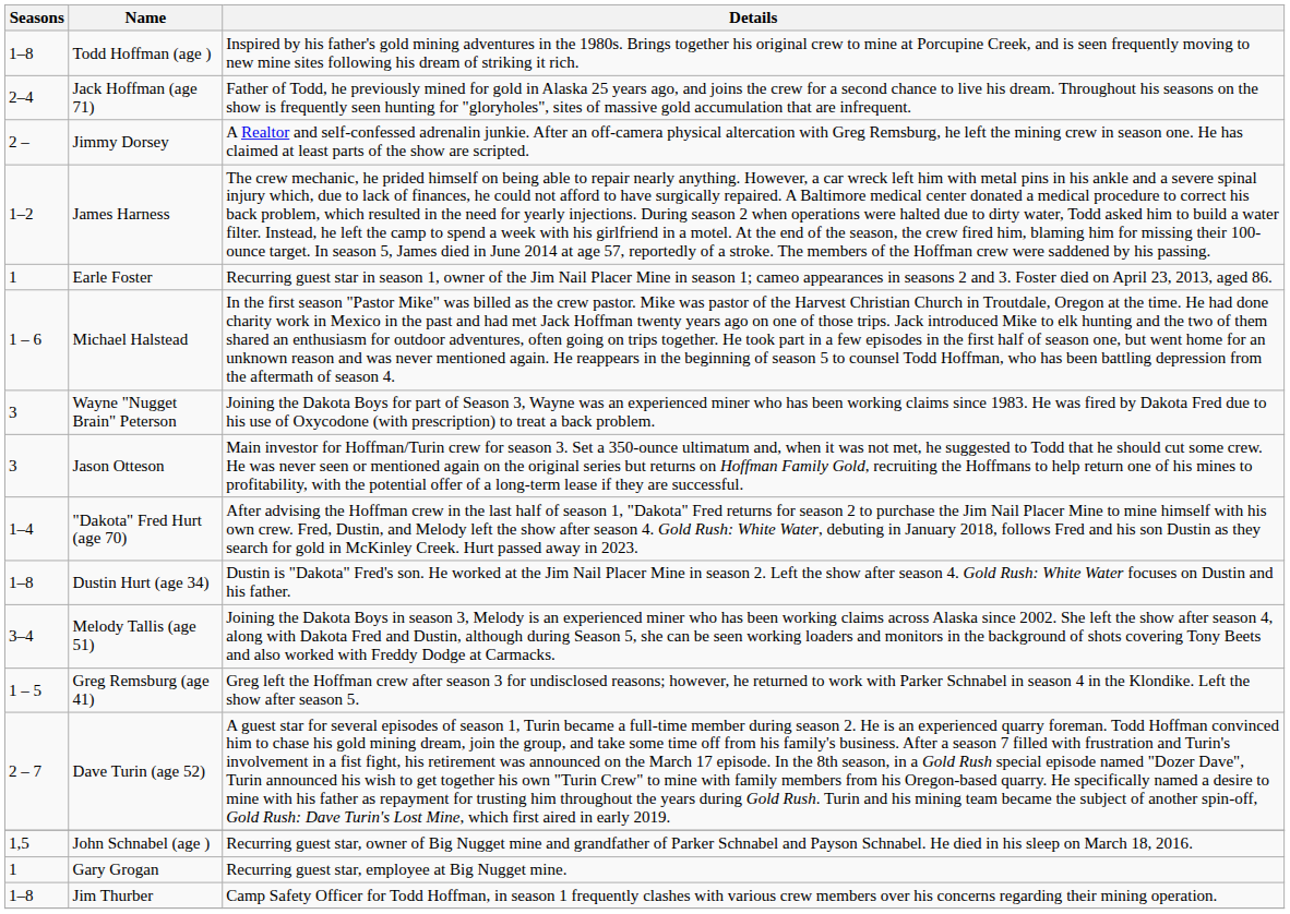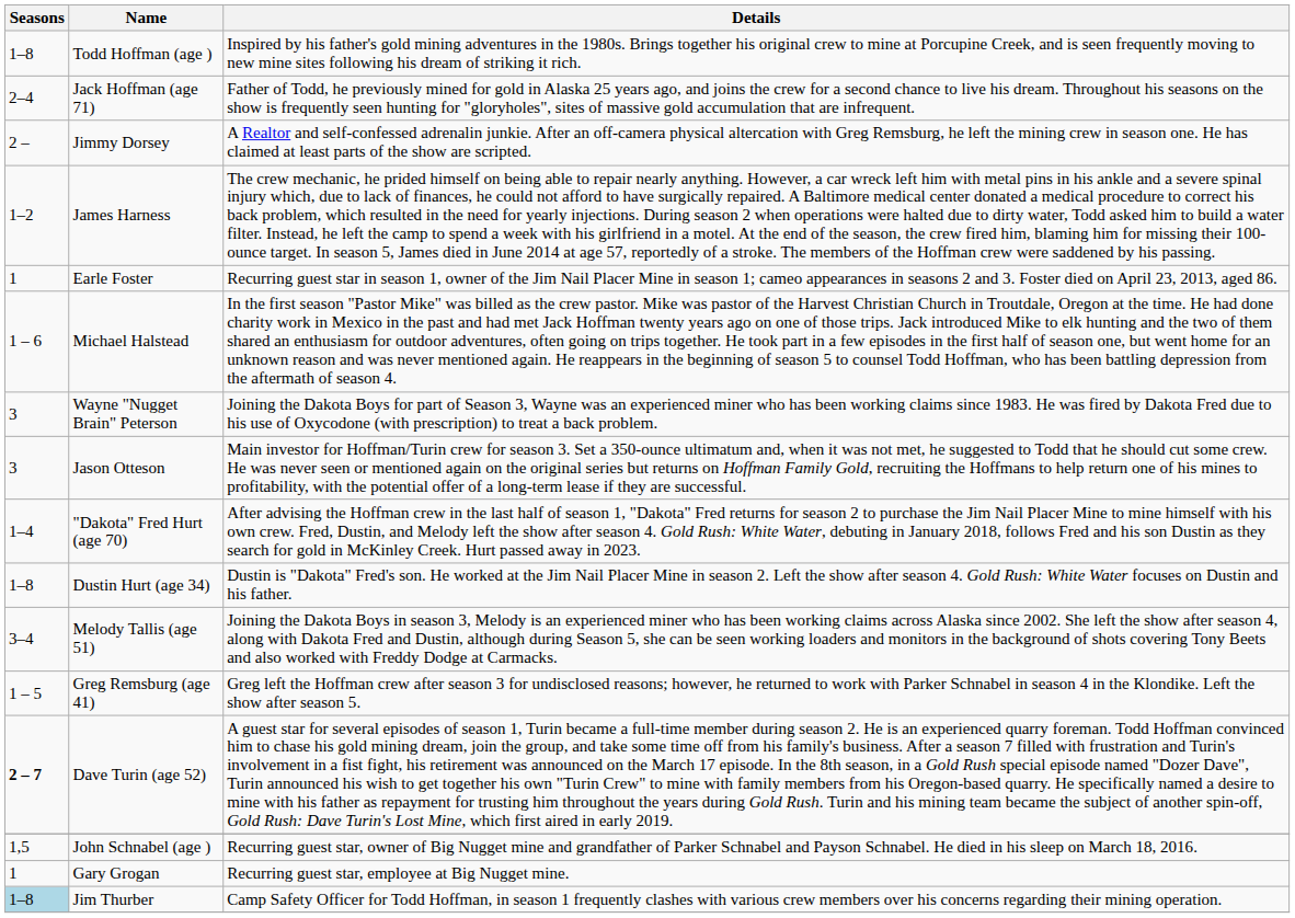 <table class="wikitable sortable">
 <tr>
 <th style="width:5%;">Seasons</th>
 <th style="width:12%;">Name</th>
 <th colspan="11" style="width:83%;">Details</th>
 </tr>
 <tr>
 <td>1–8</td>
 <td>Todd Hoffman (age )</td>
 <td>Inspired by his father's gold mining adventures in the 1980s. Brings together his original crew to mine at Porcupine Creek, and is seen frequently moving to new mine sites following his dream of striking it rich.</td>
 </tr>
 <tr>
 <td>2–4</td>
 <td>Jack Hoffman (age 71)</td>
 <td>Father of Todd, he previously mined for gold in Alaska 25 years ago, and joins the crew for a second chance to live his dream. Throughout his seasons on the show is frequently seen hunting for "gloryholes", sites of massive gold accumulation that are infrequent.</td>
 </tr>
 <tr>
 <td>2 –</td>
 <td>Jimmy Dorsey</td>
 <td>A <a href='#'>Realtor</a> and self-confessed adrenalin junkie. After an off-camera physical altercation with Greg Remsburg, he left the mining crew in season one. He has claimed at least parts of the show are scripted.</td>
 </tr>
 <tr>
 <td>1–2</td>
 <td>James Harness</td>
 <td>The crew mechanic, he prided himself on being able to repair nearly anything.  However, a car wreck left him with metal pins in his ankle and a severe spinal injury which, due to lack of finances, he could not afford to have surgically repaired. A Baltimore medical center donated a medical procedure to correct his back problem, which resulted in the need for yearly injections. During season 2 when operations were halted due to dirty water, Todd asked him to build a water filter. Instead, he left the camp to spend a week with his girlfriend in a motel. At the end of the season, the crew fired him, blaming him for missing their 100-ounce target. In season 5, James died in June 2014 at age 57, reportedly of a stroke. The members of the Hoffman crew were saddened by his passing.</td>
 </tr>
 <tr>
 <td>1</td>
 <td>Earle Foster</td>
 <td>Recurring guest star in season 1, owner of the Jim Nail Placer Mine in season 1; cameo appearances in seasons 2 and 3. Foster died on April 23, 2013, aged 86.</td>
 </tr>
 <tr>
 <td>1 – 6</td>
 <td>Michael Halstead</td>
 <td>In the first season "Pastor Mike" was billed as the crew pastor. Mike was pastor of the Harvest Christian Church in Troutdale, Oregon at the time. He had done charity work in Mexico in the past and had met Jack Hoffman twenty years ago on one of those trips. Jack introduced Mike to elk hunting and the two of them shared an enthusiasm for outdoor adventures, often going on trips together. He took part in a few episodes in the first half of season one, but went home for an unknown reason and was never mentioned again. He reappears in the beginning of season 5 to counsel Todd Hoffman, who has been battling depression from the aftermath of season 4.</td>
 </tr>
 <tr>
 <td>3</td>
 <td>Wayne "Nugget Brain" Peterson</td>
 <td>Joining the Dakota Boys for part of Season 3, Wayne was an experienced miner who has been working claims since 1983. He was fired by Dakota Fred due to his use of Oxycodone (with prescription) to treat a back problem.</td>
 </tr>
 <tr>
 <td>3</td>
 <td>Jason Otteson</td>
 <td>Main investor for Hoffman/Turin crew for season 3. Set a 350-ounce ultimatum and, when it was not met, he suggested to Todd that he should cut some crew. He was never seen or mentioned again on the original series but returns on <em>Hoffman Family Gold</em>, recruiting the Hoffmans to help return one of his mines to profitability, with the potential offer of a long-term lease if they are successful.</td>
 </tr>
 <tr>
 <td>1–4</td>
 <td>"Dakota" Fred Hurt (age 70)</td>
 <td>After advising the Hoffman crew in the last half of season 1, "Dakota" Fred returns for season 2 to purchase the Jim Nail Placer Mine to mine himself with his own crew. Fred, Dustin, and Melody left the show after season 4. <em>Gold Rush: White Water</em>, debuting in January 2018, follows Fred and his son Dustin as they search for gold in McKinley Creek. Hurt passed away in 2023.</td>
 </tr>
 <tr>
 <td>1–8</td>
 <td>Dustin Hurt (age 34)</td>
 <td>Dustin is "Dakota" Fred's son. He worked at the Jim Nail Placer Mine in season 2. Left the show after season 4. <em>Gold Rush: White Water</em> focuses on Dustin and his father.</td>
 </tr>
 <tr>
 <td>3–4</td>
 <td>Melody Tallis (age 51)</td>
 <td>Joining the Dakota Boys in season 3, Melody is an experienced miner who has been working claims across Alaska since 2002. She left the show after season 4, along with Dakota Fred and Dustin, although during Season 5, she can be seen working loaders and monitors in the background of shots covering Tony Beets and also worked with Freddy Dodge at Carmacks.</td>
 </tr>
 <tr>
 <td>1 – 5</td>
 <td>Greg Remsburg (age 41)</td>
 <td>Greg left the Hoffman crew after season 3 for undisclosed reasons; however, he returned to work with Parker Schnabel in season 4 in the Klondike. Left the show after season 5.</td>
 </tr>
 <tr>
-<td>2 – 7</td>
+<td><strong>2 – 7</strong></td>
 <td>Dave Turin (age 52)</td>
 <td>A guest star for several episodes of season 1, Turin became a full-time member during season 2. He is an experienced quarry foreman. Todd Hoffman convinced him to chase his gold mining dream, join the group, and take some time off from his family's business. After a season 7 filled with frustration and Turin's involvement in a fist fight, his retirement was announced on the March 17 episode. In the 8th season, in a <em>Gold Rush</em> special episode named "Dozer Dave", Turin announced his wish to get together his own "Turin Crew" to mine with family members from his Oregon-based quarry. He specifically named a desire to mine with his father as repayment for trusting him throughout the years during <em>Gold Rush</em>. Turin and his mining team became the subject of another spin-off, <em>Gold Rush: Dave Turin's Lost Mine</em>, which first aired in early 2019.</td>
 </tr>
 <tr>
 </tr>
 <tr>
 <td>1,5</td>
 <td>John Schnabel (age )</td>
 <td>Recurring guest star, owner of Big Nugget mine and grandfather of Parker Schnabel and Payson Schnabel. He died in his sleep on March 18, 2016.</td>
 </tr>
 <tr>
 <td>1</td>
 <td>Gary Grogan</td>
 <td>Recurring guest star, employee at Big Nugget mine.</td>
 </tr>
 <tr>
-<td>1–8</td>
+<td style="background: lightblue;">1–8</td>
 <td>Jim Thurber</td>
 <td>Camp Safety Officer for Todd Hoffman, in season 1 frequently clashes with various crew members over his concerns regarding their mining operation.</td>
 </tr>
 <tr>
 </tr>
 </table>
